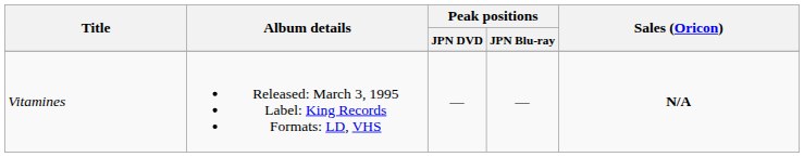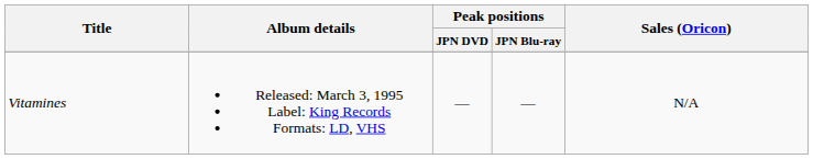 <table class="wikitable plainrowheaders" style="text-align:center;">
 <tr>
 <th style="width:12em;" rowspan="2">Title</th>
 <th style="width:16em;" rowspan="2">Album details</th>
 <th colspan="2">Peak positions</th>
 <th style="width:16em;" rowspan="2">Sales (<a href='#'>Oricon</a>)</th>
 </tr>
 <tr>
 <th><small>JPN DVD</small><br></th>
 <th><small>JPN Blu-ray</small><br></th>
 </tr>
 <tr>
 </tr>
 <tr>
 <td align="left"><em>Vitamines</em></td>
 <td><br><ul><li>Released: March 3, 1995</li><li>Label: <a href='#'>King Records</a></li><li>Formats: <a href='#'>LD</a>, <a href='#'>VHS</a></li></ul></td>
 <td>—</td>
 <td>—</td>
-<td><strong>N/A</strong></td>
+<td>N/A</td>
 </tr>
 </table>
